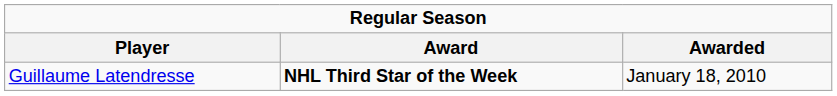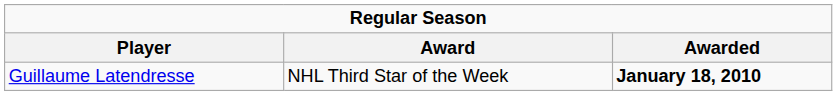 <table class="wikitable" width="58%">
 <tr>
 <td colspan="10" align="center"><strong>Regular Season</strong></td>
 </tr>
 <tr>
 <th>Player</th>
 <th>Award</th>
 <th>Awarded</th>
 </tr>
 <tr>
 <td><a href='#'>Guillaume Latendresse</a></td>
-<td><strong>NHL Third Star of the Week</strong></td>
-<td>January 18, 2010</td>
+<td>NHL Third Star of the Week</td>
+<td><strong>January 18, 2010</strong></td>
 </tr>
 </table>
